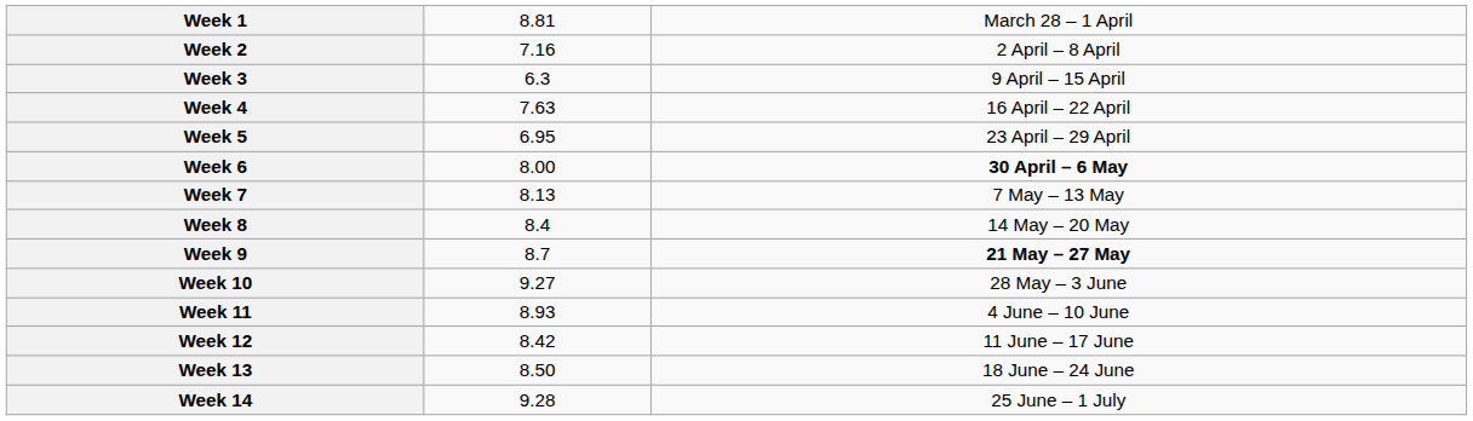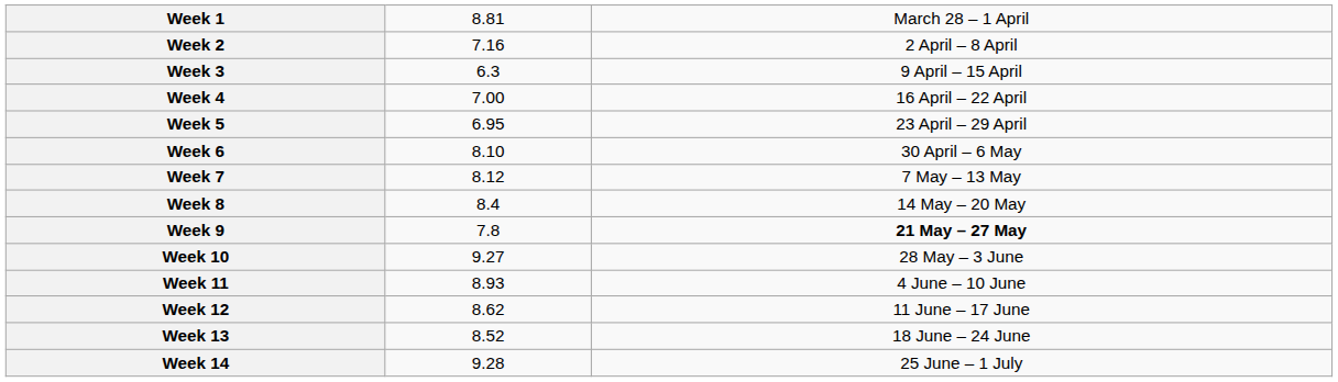 <table class="wikitable" style="font-size:90%; text-align:center; width: 90%; margin-left: auto; margin-right: auto;style=width:50em">
 <tr>
 <th>Week 1</th>
 <td>8.81</td>
 <td>March 28 – 1 April</td>
 </tr>
 <tr>
 <th>Week 2</th>
 <td>7.16</td>
 <td>2 April – 8 April</td>
 </tr>
 <tr>
 <th>Week 3</th>
 <td>6.3</td>
 <td>9 April – 15 April</td>
 </tr>
 <tr>
 <th>Week 4</th>
-<td>7.63</td>
+<td>7.00</td>
 <td>16 April – 22 April</td>
 </tr>
 <tr>
 <th>Week 5</th>
 <td>6.95</td>
 <td>23 April – 29 April</td>
 </tr>
 <tr>
 <th>Week 6</th>
-<td>8.00</td>
-<td><strong>30 April – 6 May</strong></td>
+<td>8.10</td>
+<td>30 April – 6 May</td>
 </tr>
 <tr>
 <th>Week 7</th>
-<td>8.13</td>
+<td>8.12</td>
 <td>7 May – 13 May</td>
 </tr>
 <tr>
 <th>Week 8</th>
 <td>8.4</td>
 <td>14 May – 20 May</td>
 </tr>
 <tr>
 <th>Week 9</th>
-<td>8.7</td>
+<td>7.8</td>
 <td><strong>21 May – 27 May</strong></td>
 </tr>
 <tr>
 <th>Week 10</th>
 <td>9.27</td>
 <td>28 May – 3 June</td>
 </tr>
 <tr>
 <th>Week 11</th>
 <td>8.93</td>
 <td>4 June – 10 June</td>
 </tr>
 <tr>
 <th>Week 12</th>
-<td>8.42</td>
+<td>8.62</td>
 <td>11 June – 17 June</td>
 </tr>
 <tr>
 <th>Week 13</th>
-<td>8.50</td>
+<td>8.52</td>
 <td>18 June – 24 June</td>
 </tr>
 <tr>
 <th>Week 14</th>
 <td>9.28</td>
 <td>25 June – 1 July</td>
 </tr>
 </table>
